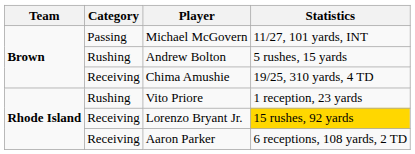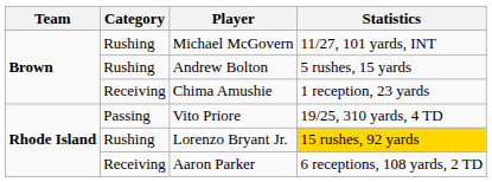 <table class="wikitable" style="float: left;">
 <tr>
 <th>Team</th>
 <th>Category</th>
 <th>Player</th>
 <th>Statistics</th>
 </tr>
 <tr>
 <td rowspan=3><strong>Brown</strong></td>
-<td>Passing</td>
+<td>Rushing</td>
 <td>Michael McGovern</td>
 <td>11/27, 101 yards, INT</td>
 </tr>
 <tr>
 <td>Rushing</td>
 <td>Andrew Bolton</td>
 <td>5 rushes, 15 yards</td>
 </tr>
 <tr>
 <td>Receiving</td>
 <td>Chima Amushie</td>
+<td>1 reception, 23 yards</td>
+</tr>
+<tr>
+<td rowspan=3><strong>Rhode Island</strong></td>
+<td>Passing</td>
+<td>Vito Priore</td>
 <td>19/25, 310 yards, 4 TD</td>
 </tr>
 <tr>
-<td rowspan=3><strong>Rhode Island</strong></td>
 <td>Rushing</td>
-<td>Vito Priore</td>
-<td>1 reception, 23 yards</td>
-</tr>
-<tr>
-<td>Receiving</td>
 <td>Lorenzo Bryant Jr.</td>
 <td style="background: gold;">15 rushes, 92 yards</td>
 </tr>
 <tr>
 <td>Receiving</td>
 <td>Aaron Parker</td>
 <td>6 receptions, 108 yards, 2 TD</td>
 </tr>
 </table>
